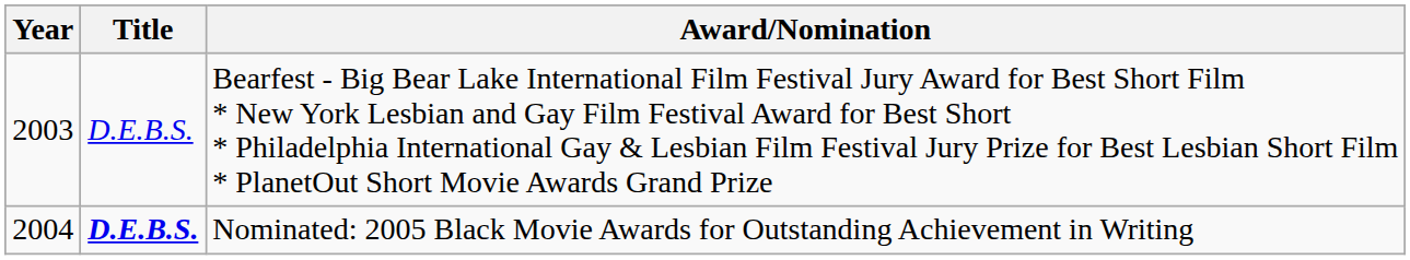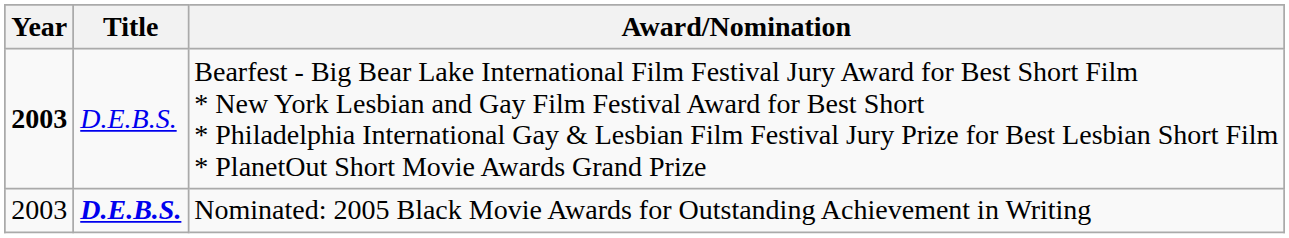 <table class="wikitable">
 <tr>
 <th>Year</th>
 <th>Title</th>
 <th>Award/Nomination</th>
 </tr>
 <tr>
-<td>2003</td>
+<td><strong>2003</strong></td>
 <td><em><a href='#'>D.E.B.S.</a></em></td>
 <td>Bearfest - Big Bear Lake International Film Festival Jury Award for Best Short Film <br> * New York Lesbian and Gay Film Festival Award for Best Short <br> * Philadelphia International Gay & Lesbian Film Festival Jury Prize for Best Lesbian Short Film <br> * PlanetOut Short Movie Awards Grand Prize</td>
 </tr>
 <tr>
-<td>2004</td>
+<td>2003</td>
 <td><strong><em><a href='#'>D.E.B.S.</a></em></strong></td>
 <td>Nominated: 2005 Black Movie Awards for Outstanding Achievement in Writing</td>
 </tr>
 </table>
